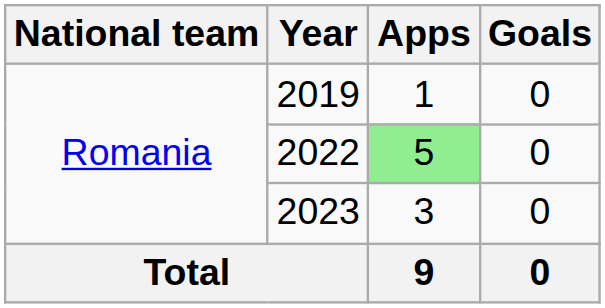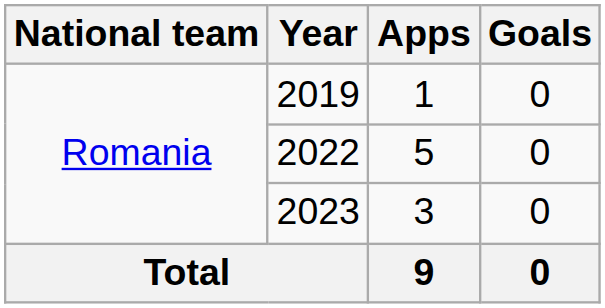 <table class="wikitable" style="text-align:center">
 <tr>
 <th>National team</th>
 <th>Year</th>
 <th>Apps</th>
 <th>Goals</th>
 </tr>
 <tr>
 <td rowspan="3"><a href='#'>Romania</a></td>
 <td>2019</td>
 <td>1</td>
 <td>0</td>
 </tr>
 <tr>
 <td>2022</td>
-<td style="background: lightgreen;">5</td>
+<td>5</td>
 <td>0</td>
 </tr>
 <tr>
 <td>2023</td>
 <td>3</td>
 <td>0</td>
 </tr>
 <tr>
 <th colspan="2">Total</th>
 <th>9</th>
 <th>0</th>
 </tr>
 </table>
